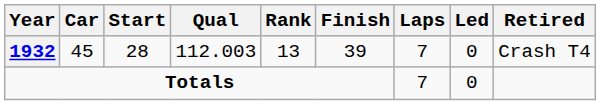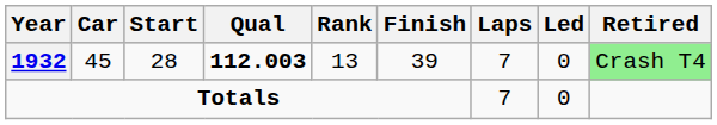 <table class="wikitable" style="text-align:center">
 <tr>
 <th>Year</th>
 <th>Car</th>
 <th>Start</th>
 <th>Qual</th>
 <th>Rank</th>
 <th>Finish</th>
 <th>Laps</th>
 <th>Led</th>
 <th>Retired</th>
 </tr>
 <tr>
 <th><a href='#'>1932</a></th>
 <td>45</td>
 <td>28</td>
-<td>112.003</td>
+<td><strong>112.003</strong></td>
 <td>13</td>
 <td>39</td>
 <td>7</td>
 <td>0</td>
-<td>Crash T4</td>
+<td style="background: lightgreen;">Crash T4</td>
 </tr>
 <tr>
 <td colspan=6><strong>Totals</strong></td>
 <td>7</td>
 <td>0</td>
 <td></td>
 </tr>
 </table>
